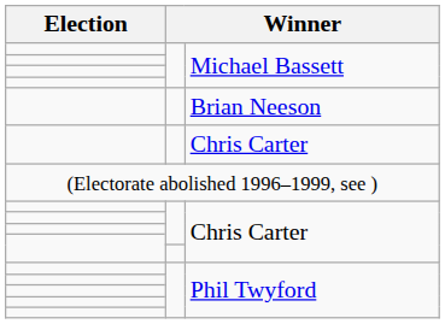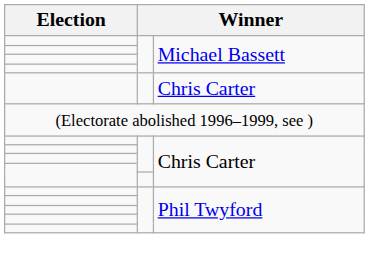 <table class=wikitable>
 <tr>
 <th width=100>Election</th>
 <th style="width:175px;" colspan="2">Winner</th>
 </tr>
 <tr>
 <td></td>
 <td width=5 rowspan=4 bgcolor=></td>
 <td rowspan=4><a href='#'>Michael Bassett</a></td>
 </tr>
 <tr>
 <td></td>
 </tr>
 <tr>
 <td></td>
 </tr>
 <tr>
 <td></td>
-</tr>
-<tr>
-<td></td>
-<td bgcolor=></td>
-<td><a href='#'>Brian Neeson</a></td>
 </tr>
 <tr>
 <td></td>
 <td bgcolor=></td>
 <td><a href='#'>Chris Carter</a></td>
 </tr>
 <tr>
 <td colspan="3" style="text-align:center;"><small>(Electorate abolished 1996–1999, see )</small></td>
 </tr>
 <tr>
 <td></td>
 <td width=5 rowspan=3 style="border-bottom:solid 0 grey; background:"></td>
 <td rowspan=5>Chris Carter</td>
 </tr>
 <tr>
 <td></td>
 </tr>
 <tr>
 <td></td>
 </tr>
 <tr>
 <td rowspan="2"></td>
 <td style="border-top:solid 0 grey; background:"></td>
 </tr>
 <tr>
 <td height=5 style="border-top:solid 0 grey; background:"></td>
 </tr>
 <tr>
 <td></td>
 <td rowspan=5 bgcolor=></td>
 <td rowspan=5><a href='#'>Phil Twyford</a></td>
 </tr>
 <tr>
 <td></td>
 </tr>
 <tr>
 <td></td>
 </tr>
 <tr>
 <td></td>
 </tr>
 <tr>
 <td></td>
 </tr>
 </table>
